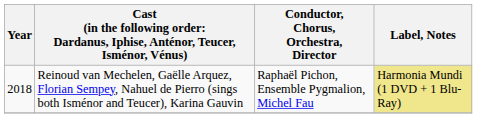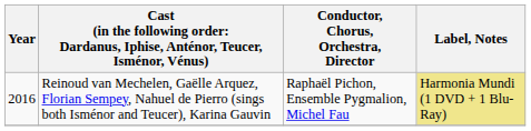 <table class="wikitable">
 <tr>
 <th>Year</th>
 <th>Cast<br>(in the following order:<br>Dardanus, Iphise, Anténor, Teucer, Isménor, Vénus)</th>
 <th>Conductor,<br>Chorus, <br>Orchestra,<br>Director</th>
 <th>Label, Notes</th>
 </tr>
 <tr>
-<td>2018</td>
+<td>2016</td>
 <td>Reinoud van Mechelen, Gaëlle Arquez, <a href='#'>Florian Sempey</a>, Nahuel de Pierro (sings both Isménor and Teucer), Karina Gauvin</td>
 <td>Raphaël Pichon, Ensemble Pygmalion, <a href='#'>Michel Fau</a></td>
 <td style="background: khaki;">Harmonia Mundi (1 DVD + 1 Blu-Ray)</td>
 </tr>
 <tr>
 </tr>
 </table>
